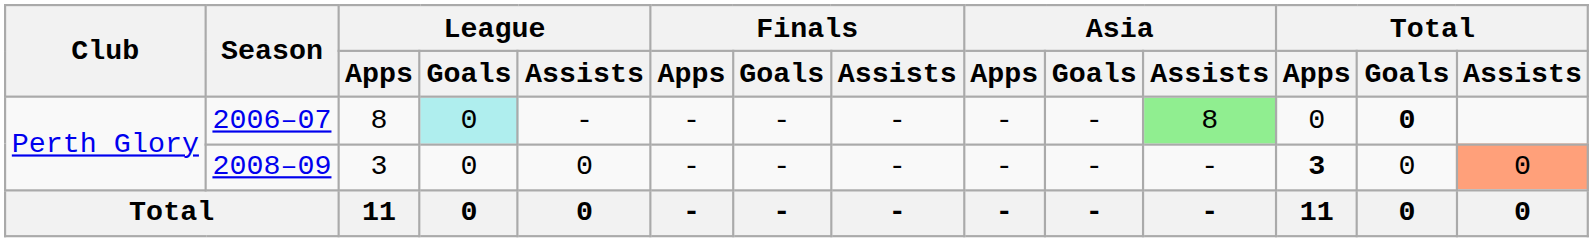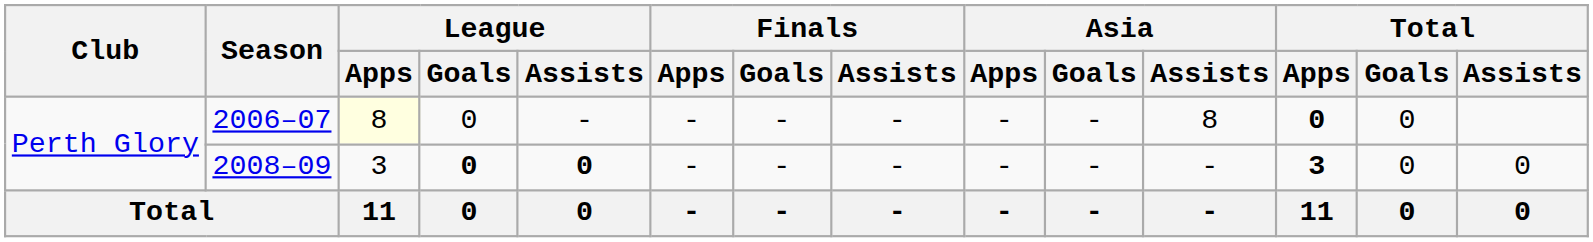 <table class="wikitable" style="text-align: center;">
 <tr>
 <th rowspan="2">Club</th>
 <th rowspan="2">Season</th>
 <th colspan="3">League</th>
 <th colspan="3">Finals</th>
 <th colspan="3">Asia</th>
 <th colspan="3">Total</th>
 </tr>
 <tr>
 <th>Apps</th>
 <th>Goals</th>
 <th>Assists</th>
 <th>Apps</th>
 <th>Goals</th>
 <th>Assists</th>
 <th>Apps</th>
 <th>Goals</th>
 <th>Assists</th>
 <th>Apps</th>
 <th>Goals</th>
 <th>Assists</th>
 </tr>
 <tr>
 <td rowspan="2" valign="center"><a href='#'>Perth Glory</a></td>
 <td><a href='#'>2006–07</a></td>
-<td>8</td>
-<td 10 style="background: paleturquoise;">0</td>
+<td style="background: lightyellow;">8</td>
+<td 10>0</td>
 <td>-</td>
 <td>-</td>
 <td>-</td>
 <td>-</td>
 <td>-</td>
 <td>-</td>
-<td style="background: lightgreen;">8</td>
+<td>8</td>
+<td><strong>0</strong></td>
 <td>0</td>
-<td><strong>0</strong></td>
 </tr>
 <tr>
 <td><a href='#'>2008–09</a></td>
 <td>3</td>
-<td>0</td>
-<td>0</td>
+<td><strong>0</strong></td>
+<td><strong>0</strong></td>
 <td>-</td>
 <td>-</td>
 <td>-</td>
 <td>-</td>
 <td>-</td>
 <td>-</td>
 <td><strong>3</strong></td>
 <td>0</td>
-<td style="background: lightsalmon;">0</td>
+<td>0</td>
 </tr>
 <tr>
 <th colspan="2">Total</th>
 <th>11</th>
 <th>0</th>
 <th>0</th>
 <th>-</th>
 <th>-</th>
 <th>-</th>
 <th>-</th>
 <th>-</th>
 <th>-</th>
 <th>11</th>
 <th>0</th>
 <th>0</th>
 </tr>
 </table>
